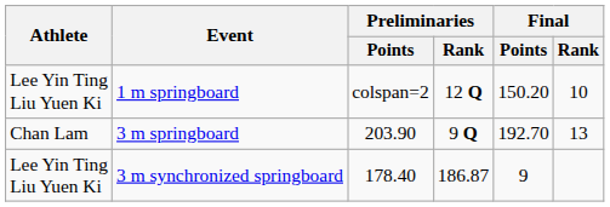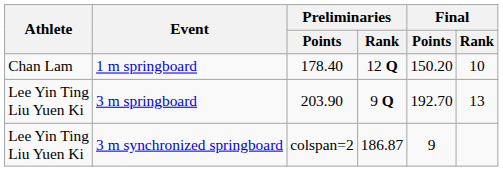 <table class=wikitable style=font-size:90%;text-align:center>
 <tr>
 <th rowspan="2">Athlete</th>
 <th rowspan="2">Event</th>
 <th colspan="2">Preliminaries</th>
 <th colspan="2">Final</th>
 </tr>
 <tr style="font-size:95%">
 <th>Points</th>
 <th>Rank</th>
 <th>Points</th>
 <th>Rank</th>
 </tr>
 <tr>
-<td align=left>Lee Yin Ting<br>Liu Yuen Ki</td>
+<td align=left>Chan Lam</td>
 <td align=left><a href='#'>1 m springboard</a></td>
-<td>colspan=2 </td>
+<td>178.40</td>
 <td>12 <strong>Q</strong></td>
 <td>150.20</td>
 <td>10</td>
 </tr>
 <tr>
-<td align=left>Chan Lam</td>
+<td align=left>Lee Yin Ting<br>Liu Yuen Ki</td>
 <td align=left><a href='#'>3 m springboard</a></td>
 <td>203.90</td>
 <td>9 <strong>Q</strong></td>
 <td>192.70</td>
 <td>13</td>
 </tr>
 <tr>
 <td align=left>Lee Yin Ting<br>Liu Yuen Ki</td>
 <td align=left><a href='#'>3 m synchronized springboard</a></td>
-<td>178.40</td>
+<td>colspan=2 </td>
 <td>186.87</td>
 <td>9</td>
 </tr>
 </table>
